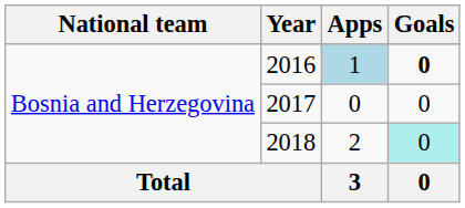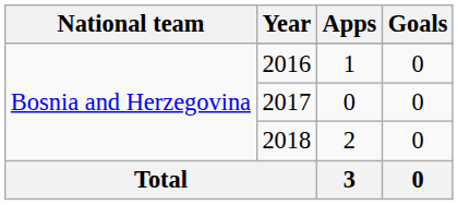 <table class="wikitable" style="text-align: center;">
 <tr>
 <th>National team</th>
 <th>Year</th>
 <th>Apps</th>
 <th>Goals</th>
 </tr>
 <tr>
 <td rowspan="4"><a href='#'>Bosnia and Herzegovina</a></td>
 </tr>
 <tr>
 <td>2016</td>
-<td style="background: lightblue;">1</td>
-<td><strong>0</strong></td>
+<td>1</td>
+<td>0</td>
 </tr>
 <tr>
 <td>2017</td>
 <td>0</td>
 <td>0</td>
 </tr>
 <tr>
 <td>2018</td>
 <td>2</td>
-<td style="background: paleturquoise;">0</td>
+<td>0</td>
 </tr>
 <tr>
 <th colspan="2">Total</th>
 <th>3</th>
 <th>0</th>
 </tr>
 </table>
